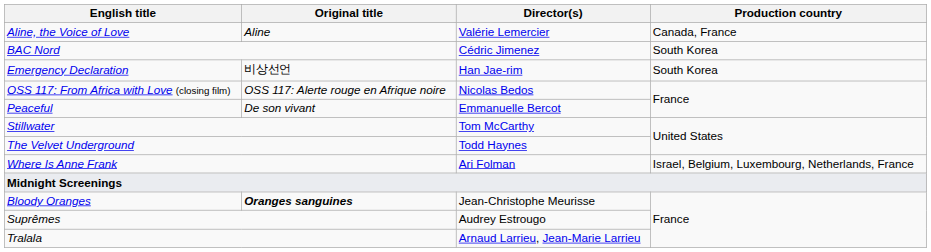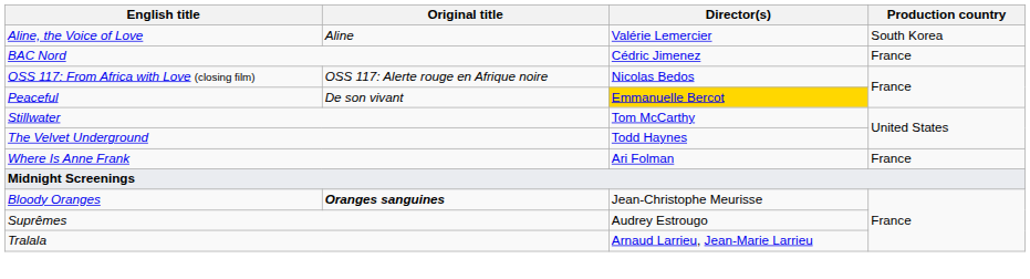 <table class="wikitable" style="width:100%; margin-bottom:4px" cellpadding="5">
 <tr>
 <th scope="col">English title</th>
 <th scope="col">Original title</th>
 <th scope="col">Director(s)</th>
 <th scope="col">Production country</th>
 </tr>
 <tr>
 <td><em><a href='#'>Aline, the Voice of Love</a></em></td>
 <td><em>Aline</em></td>
 <td><a href='#'>Valérie Lemercier</a></td>
-<td>Canada, France</td>
+<td>South Korea</td>
 </tr>
 <tr>
 <td colspan=2><em><a href='#'>BAC Nord</a></em></td>
 <td><a href='#'>Cédric Jimenez</a></td>
-<td>South Korea</td>
-</tr>
-<tr>
-<td><em><a href='#'>Emergency Declaration</a></em></td>
-<td>비상선언</td>
-<td><a href='#'>Han Jae-rim</a></td>
-<td>South Korea</td>
+<td>France</td>
 </tr>
 <tr>
 <td><em><a href='#'>OSS 117: From Africa with Love</a></em> <small>(closing film)</small></td>
 <td><em>OSS 117: Alerte rouge en Afrique noire</em></td>
 <td><a href='#'>Nicolas Bedos</a></td>
 <td rowspan="2">France</td>
 </tr>
 <tr>
 <td><em><a href='#'>Peaceful</a></em></td>
 <td><em>De son vivant</em></td>
-<td><a href='#'>Emmanuelle Bercot</a></td>
+<td style="background: gold;"><a href='#'>Emmanuelle Bercot</a></td>
 </tr>
 <tr>
 <td colspan=2><em><a href='#'>Stillwater</a></em></td>
 <td><a href='#'>Tom McCarthy</a></td>
 <td rowspan="2">United States</td>
 </tr>
 <tr>
 <td colspan=2><em><a href='#'>The Velvet Underground</a></em></td>
 <td><a href='#'>Todd Haynes</a></td>
 </tr>
 <tr>
 <td colspan=2><em><a href='#'>Where Is Anne Frank</a></em></td>
 <td><a href='#'>Ari Folman</a></td>
-<td>Israel, Belgium, Luxembourg, Netherlands, France</td>
+<td>France</td>
 </tr>
 <tr>
 <td colspan=4 class="center" style="padding-center:120px; background-color:#EAECF0"><strong>Midnight Screenings</strong></td>
 </tr>
 <tr>
 <td><em><a href='#'>Bloody Oranges</a></em></td>
 <td><strong><em>Oranges sanguines</em></strong></td>
 <td>Jean-Christophe Meurisse</td>
 <td rowspan="3">France</td>
 </tr>
 <tr>
 <td colspan=2><em>Suprêmes</em></td>
 <td>Audrey Estrougo</td>
 </tr>
 <tr>
 <td colspan=2><em>Tralala</em></td>
 <td><a href='#'>Arnaud Larrieu</a>, <a href='#'>Jean-Marie Larrieu</a></td>
 </tr>
 </table>
